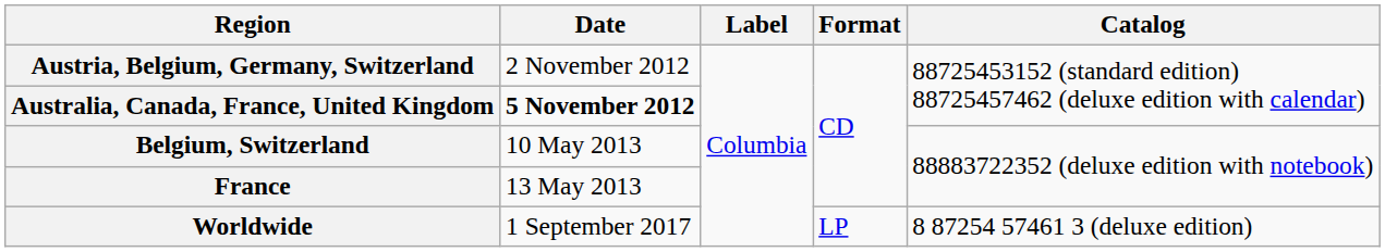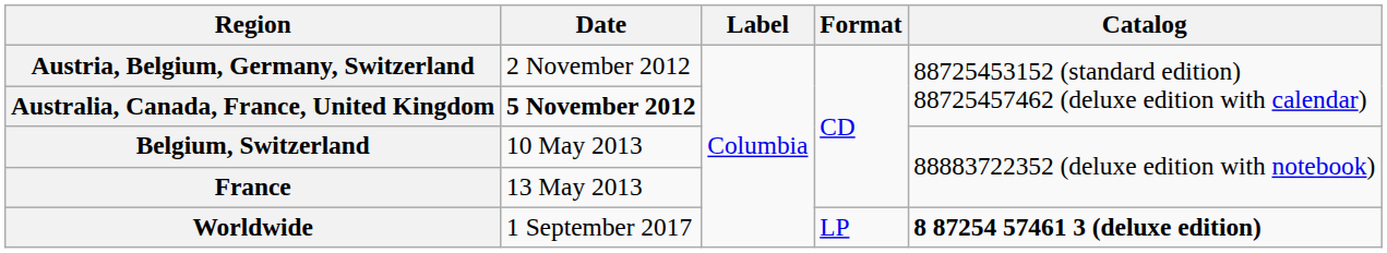 <table class="wikitable plainrowheaders">
 <tr>
 <th>Region</th>
 <th>Date</th>
 <th>Label</th>
 <th>Format</th>
 <th>Catalog</th>
 </tr>
 <tr>
 <th scope="row">Austria, Belgium, Germany, Switzerland</th>
 <td>2 November 2012</td>
 <td rowspan="5"><a href='#'>Columbia</a></td>
 <td rowspan="4"><a href='#'>CD</a></td>
 <td rowspan="2">88725453152 (standard edition)<br>88725457462 (deluxe edition with <a href='#'>calendar</a>)</td>
 </tr>
 <tr>
 <th scope="row">Australia, Canada, France, United Kingdom</th>
 <td><strong>5 November 2012</strong></td>
 </tr>
 <tr>
 <th scope="row">Belgium, Switzerland</th>
 <td>10 May 2013</td>
 <td rowspan="2">88883722352 (deluxe edition with <a href='#'>notebook</a>)</td>
 </tr>
 <tr>
 <th scope="row">France</th>
 <td>13 May 2013</td>
 </tr>
 <tr>
 <th scope="row">Worldwide</th>
 <td>1 September 2017</td>
 <td><a href='#'>LP</a></td>
-<td>8 87254 57461 3 (deluxe edition)</td>
+<td><strong>8 87254 57461 3 (deluxe edition)</strong></td>
 </tr>
 </table>
